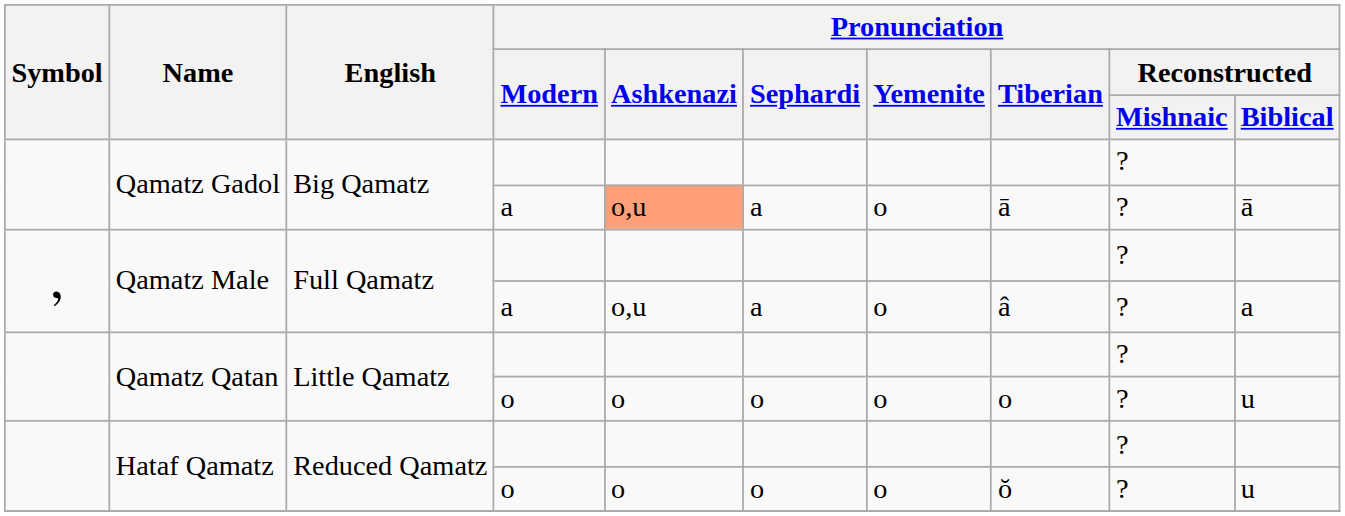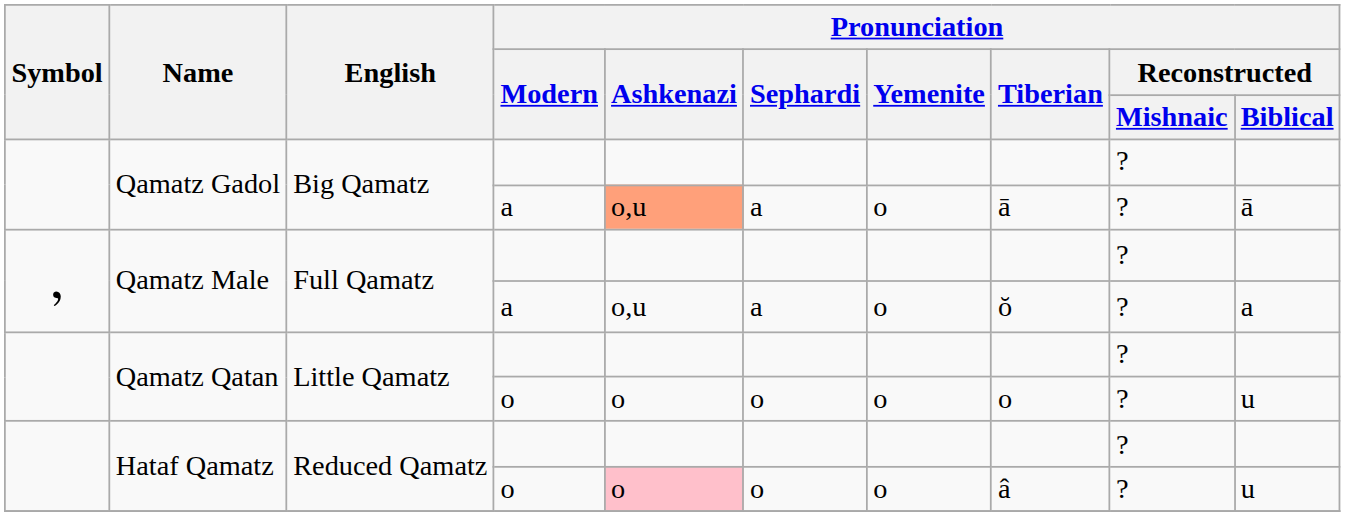 <table class="wikitable">
 <tr>
 <th rowspan=3>Symbol</th>
 <th rowspan=3>Name</th>
 <th rowspan=3>English</th>
 <th ! colspan=7><a href='#'>Pronunciation</a></th>
 </tr>
 <tr>
 <th ! rowspan=2><a href='#'>Modern</a></th>
 <th ! rowspan=2><a href='#'>Ashkenazi</a></th>
 <th ! rowspan=2><a href='#'>Sephardi</a></th>
 <th ! rowspan=2><a href='#'>Yemenite</a></th>
 <th ! rowspan=2><a href='#'>Tiberian</a></th>
 <th ! colspan=2>Reconstructed</th>
 </tr>
 <tr>
 <th><a href='#'>Mishnaic</a></th>
 <th><a href='#'>Biblical</a></th>
 </tr>
 <tr>
 <td rowspan=2 align="center" style="font-family:SBL Hebrew, Ezra SIL SR, Ezra SIL, Cardo, Chrysanthi Unicode, TITUS Cyberbit Basic, Arial Unicode MS, Narkisim, Times New Roman;font-size:200%"></td>
 <td rowspan=2>Qamatz Gadol</td>
 <td rowspan=2>Big Qamatz</td>
 <td></td>
 <td></td>
 <td></td>
 <td></td>
 <td></td>
 <td>?</td>
 <td></td>
 </tr>
 <tr>
 <td>a</td>
 <td style="background: lightsalmon;">o,u</td>
 <td>a</td>
 <td>o</td>
 <td>ā</td>
 <td>?</td>
 <td>ā</td>
 </tr>
 <tr>
 <td rowspan=2 align="center" style="font-family:SBL Hebrew, Ezra SIL SR, Ezra SIL, Cardo, Chrysanthi Unicode, TITUS Cyberbit Basic, Arial Unicode MS, Narkisim, Times New Roman;font-size:200%">, </td>
 <td rowspan=2>Qamatz Male</td>
 <td rowspan=2>Full Qamatz</td>
 <td></td>
 <td></td>
 <td></td>
 <td></td>
 <td></td>
 <td>?</td>
 <td></td>
 </tr>
 <tr>
 <td>a</td>
 <td>o,u</td>
 <td>a</td>
 <td>o</td>
-<td>â</td>
+<td>ŏ</td>
 <td>?</td>
 <td>a</td>
 </tr>
 <tr>
 <td rowspan=2 align="center" style="font-family:SBL Hebrew, Ezra SIL SR, Ezra SIL, Cardo, Chrysanthi Unicode, TITUS Cyberbit Basic, Arial Unicode MS, Narkisim, Times New Roman;font-size:200%"></td>
 <td rowspan=2>Qamatz Qatan</td>
 <td rowspan=2>Little Qamatz</td>
 <td></td>
 <td></td>
 <td></td>
 <td></td>
 <td></td>
 <td>?</td>
 <td></td>
 </tr>
 <tr>
 <td>o</td>
 <td>o</td>
 <td>o</td>
 <td>o</td>
 <td>o</td>
 <td>?</td>
 <td>u</td>
 </tr>
 <tr>
 <td rowspan=2 align="center" style="font-family:SBL Hebrew, Ezra SIL SR, Ezra SIL, Cardo, Chrysanthi Unicode, TITUS Cyberbit Basic, Arial Unicode MS, Narkisim, Times New Roman;font-size:200%"></td>
 <td rowspan=2>Hataf Qamatz</td>
 <td rowspan=2>Reduced Qamatz</td>
 <td></td>
 <td></td>
 <td></td>
 <td></td>
 <td></td>
 <td>?</td>
 <td></td>
 </tr>
 <tr>
 <td>o</td>
+<td style="background: pink;">o</td>
 <td>o</td>
 <td>o</td>
-<td>o</td>
-<td>ŏ</td>
+<td>â</td>
 <td>?</td>
 <td>u</td>
 </tr>
 <tr>
 </tr>
 </table>
